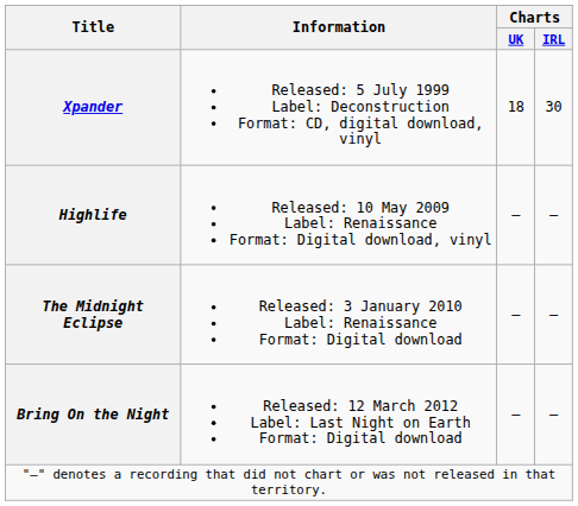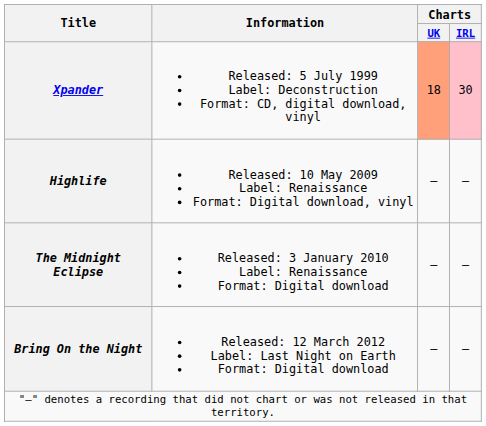 <table class="wikitable plainrowheaders" style="text-align:center;">
 <tr>
 <th scope="col" style="width:12em;" rowspan="2">Title</th>
 <th scope="col" style="width:22em;" rowspan="2">Information</th>
 <th scope="col" colspan="2">Charts</th>
 </tr>
 <tr>
 <th scope="col" style="width:2.5em;font-size:90%;"><a href='#'>UK</a><br></th>
 <th scope="col" style="width:2.5em;font-size:90%;"><a href='#'>IRL</a><br></th>
 </tr>
 <tr>
 <th scope="row"><em><a href='#'>Xpander</a></em></th>
 <td><br><ul><li>Released: 5 July 1999</li><li>Label: Deconstruction</li><li>Format: CD, digital download, vinyl</li></ul></td>
-<td>18</td>
-<td>30</td>
+<td style="background: lightsalmon;">18</td>
+<td style="background: pink;">30</td>
 </tr>
 <tr>
 <th scope="row"><em>Highlife</em><br></th>
 <td><br><ul><li>Released: 10 May 2009</li><li>Label: Renaissance</li><li>Format: Digital download, vinyl</li></ul></td>
 <td>—</td>
 <td>—</td>
 </tr>
 <tr>
 <th scope="row"><em>The Midnight Eclipse</em><br></th>
 <td><br><ul><li>Released: 3 January 2010</li><li>Label: Renaissance</li><li>Format: Digital download</li></ul></td>
 <td>—</td>
 <td>—</td>
 </tr>
 <tr>
 <th scope="row"><em>Bring On the Night</em><br></th>
 <td><br><ul><li>Released: 12 March 2012</li><li>Label: Last Night on Earth</li><li>Format: Digital download</li></ul></td>
 <td>—</td>
 <td>—</td>
 </tr>
 <tr>
 <td colspan="8" style="font-size:90%">"—" denotes a recording that did not chart or was not released in that territory.</td>
 </tr>
 </table>
